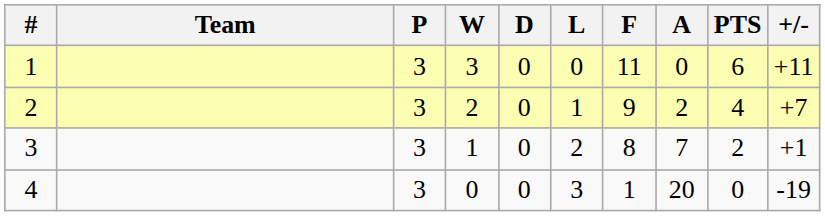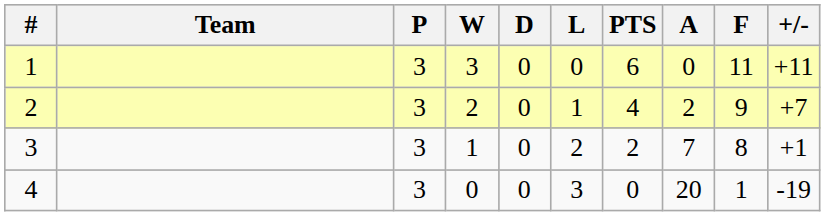 <table class="wikitable" border="1">
 <tr>
 <th width="25">#</th>
 <th width="200">Team</th>
 <th width="25">P</th>
 <th width="25">W</th>
 <th width="25">D</th>
 <th width="25">L</th>
+<th width="25">PTS</th>
+<th width="25">A</th>
 <th width="25">F</th>
-<th width="25">A</th>
-<th width="25">PTS</th>
 <th width="25">+/-</th>
 </tr>
 <tr bgcolor="FCFFB2">
 <td align="center">1</td>
 <td></td>
 <td align="center">3</td>
 <td align="center">3</td>
 <td align="center">0</td>
 <td align="center">0</td>
+<td align="center">6</td>
+<td align="center">0</td>
 <td align="center">11</td>
-<td align="center">0</td>
-<td align="center">6</td>
 <td align="center">+11</td>
 </tr>
 <tr bgcolor="FCFFB2">
 <td align="center">2</td>
 <td></td>
 <td align="center">3</td>
 <td align="center">2</td>
 <td align="center">0</td>
 <td align="center">1</td>
+<td align="center">4</td>
+<td align="center">2</td>
 <td align="center">9</td>
-<td align="center">2</td>
-<td align="center">4</td>
 <td align="center">+7</td>
 </tr>
 <tr>
 <td align="center">3</td>
 <td></td>
 <td align="center">3</td>
 <td align="center">1</td>
 <td align="center">0</td>
 <td align="center">2</td>
+<td align="center">2</td>
+<td align="center">7</td>
 <td align="center">8</td>
-<td align="center">7</td>
-<td align="center">2</td>
 <td align="center">+1</td>
 </tr>
 <tr>
 <td align="center">4</td>
 <td></td>
 <td align="center">3</td>
 <td align="center">0</td>
 <td align="center">0</td>
 <td align="center">3</td>
+<td align="center">0</td>
+<td align="center">20</td>
 <td align="center">1</td>
-<td align="center">20</td>
-<td align="center">0</td>
 <td align="center">-19</td>
 </tr>
 </table>
